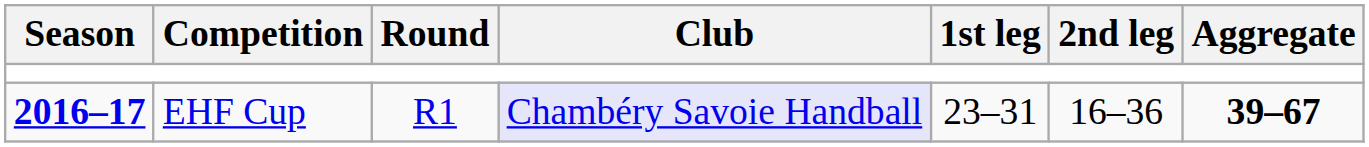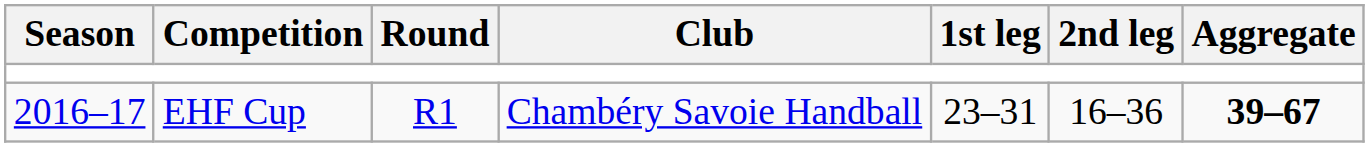 <table class="wikitable">
 <tr>
 <th>Season</th>
 <th>Competition</th>
 <th>Round</th>
 <th>Club</th>
 <th>1st leg</th>
 <th>2nd leg</th>
 <th>Aggregate</th>
 </tr>
 <tr>
 <td colspan="7" bgcolor=white></td>
 </tr>
 <tr>
-<td><strong><a href='#'>2016–17</a></strong></td>
+<td><a href='#'>2016–17</a></td>
 <td><a href='#'>EHF Cup</a></td>
 <td style="text-align:center;"><a href='#'>R1</a></td>
-<td style="background: lavender;"> <a href='#'>Chambéry Savoie Handball</a></td>
+<td> <a href='#'>Chambéry Savoie Handball</a></td>
 <td style="text-align:center;">23–31</td>
 <td style="text-align:center;">16–36</td>
 <td style="text-align:center;"><strong>39–67</strong></td>
 </tr>
 </table>
